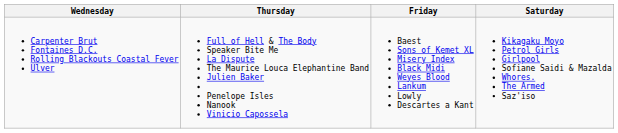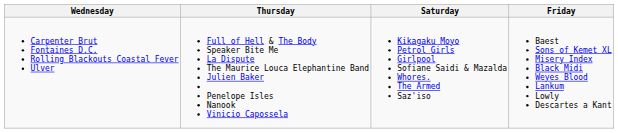 <table class="wikitable">
 <tr>
 <th>Wednesday</th>
 <th>Thursday</th>
+<th>Saturday</th>
 <th>Friday</th>
-<th>Saturday</th>
 </tr>
 <tr valign="top">
 <td><br><ul><li><a href='#'>Carpenter Brut</a></li><li><a href='#'>Fontaines D.C.</a></li><li><a href='#'>Rolling Blackouts Coastal Fever</a></li><li><a href='#'>Ulver</a></li></ul></td>
 <td><br><ul><li><a href='#'>Full of Hell</a> & <a href='#'>The Body</a></li><li>Speaker Bite Me</li><li><a href='#'>La Dispute</a></li><li>The Maurice Louca Elephantine Band</li><li><a href='#'>Julien Baker</a></li><li></li><li>Penelope Isles</li><li>Nanook</li><li><a href='#'>Vinicio Capossela</a></li></ul></td>
+<td><br><ul><li><a href='#'>Kikagaku Moyo</a></li><li><a href='#'>Petrol Girls</a></li><li><a href='#'>Girlpool</a></li><li>Sofiane Saidi & Mazalda</li><li><a href='#'>Whores.</a></li><li><a href='#'>The Armed</a></li><li>Saz'iso</li></ul></td>
 <td><br><ul><li>Baest</li><li><a href='#'>Sons of Kemet XL</a></li><li><a href='#'>Misery Index</a></li><li><a href='#'>Black Midi</a></li><li><a href='#'>Weyes Blood</a></li><li><a href='#'>Lankum</a></li><li>Lowly</li><li>Descartes a Kant</li></ul></td>
-<td><br><ul><li><a href='#'>Kikagaku Moyo</a></li><li><a href='#'>Petrol Girls</a></li><li><a href='#'>Girlpool</a></li><li>Sofiane Saidi & Mazalda</li><li><a href='#'>Whores.</a></li><li><a href='#'>The Armed</a></li><li>Saz'iso</li></ul></td>
 </tr>
 </table>
